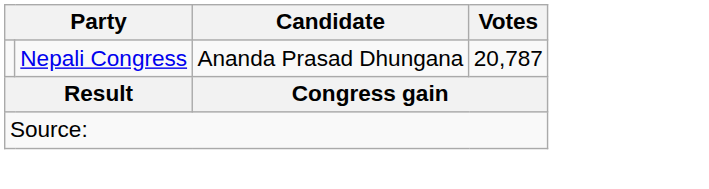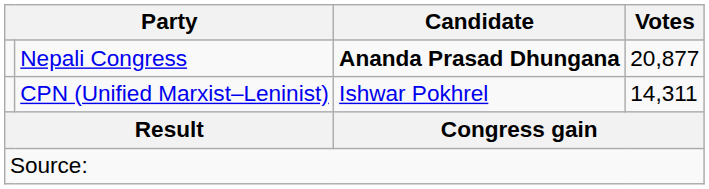 <table class="wikitable">
 <tr>
 <th colspan="2">Party</th>
 <th>Candidate</th>
 <th>Votes</th>
 </tr>
 <tr>
 <td style="background-color:"></td>
 <td><a href='#'>Nepali Congress</a></td>
-<td>Ananda Prasad Dhungana</td>
-<td>20,787</td>
+<td><strong>Ananda Prasad Dhungana</strong></td>
+<td>20,877</td>
+</tr>
+<tr>
+<td style="background-color:"></td>
+<td><a href='#'>CPN (Unified Marxist–Leninist)</a></td>
+<td><a href='#'>Ishwar Pokhrel</a></td>
+<td>14,311</td>
 </tr>
 <tr>
 <th colspan="2">Result</th>
 <th colspan="2">Congress gain</th>
 </tr>
 <tr>
 <td colspan="4">Source: </td>
 </tr>
 </table>
